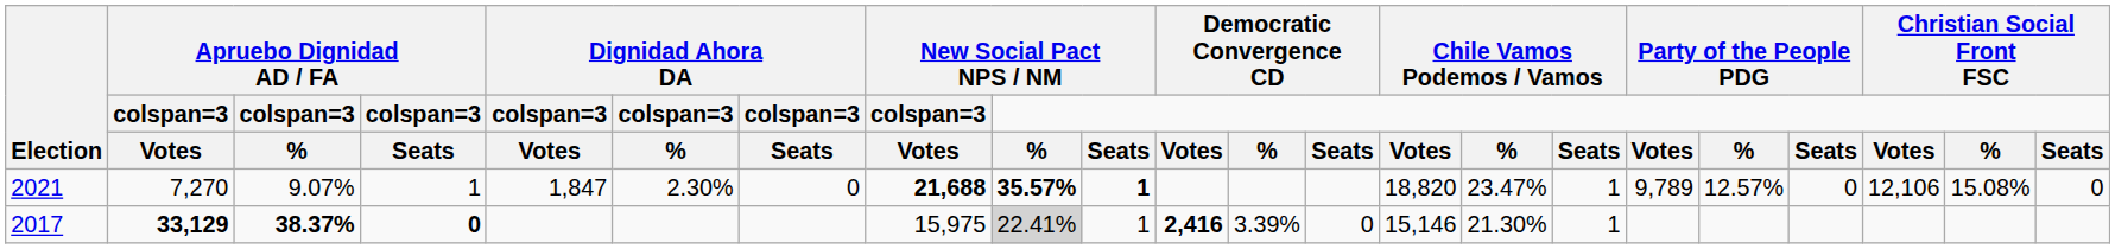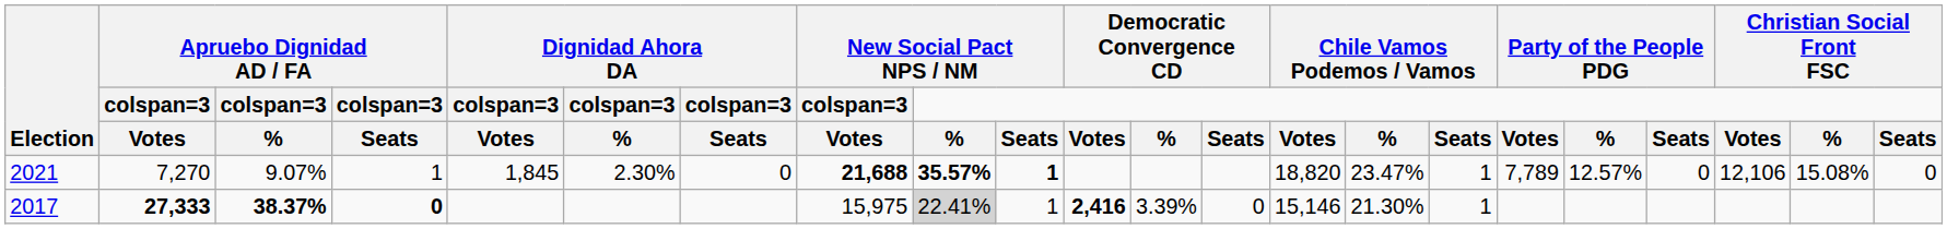 <table class="wikitable" border="1" style="font-size:95%; text-align:right;">
 <tr>
 <th style="text-align:left;" valign=bottom rowspan=3>Election</th>
 <th valign=bottom colspan=3><a href='#'>Apruebo Dignidad</a><br>AD / FA</th>
 <th valign=bottom colspan=3><a href='#'>Dignidad Ahora</a><br>DA</th>
 <th valign=bottom colspan=3><a href='#'>New Social Pact</a><br>NPS / NM</th>
 <th valign=bottom colspan=3>Democratic<br>Convergence<br>CD</th>
 <th valign=bottom colspan=3><a href='#'>Chile Vamos</a><br>Podemos / Vamos</th>
 <th valign=bottom colspan=3><a href='#'>Party of the People</a><br>PDG</th>
 <th valign=bottom colspan=3><a href='#'>Christian Social Front</a><br>FSC</th>
 </tr>
 <tr>
 <th>colspan=3 </th>
 <th>colspan=3 </th>
 <th>colspan=3 </th>
 <th>colspan=3 </th>
 <th>colspan=3 </th>
 <th>colspan=3 </th>
 <th>colspan=3 </th>
 </tr>
 <tr>
 <th>Votes</th>
 <th>%</th>
 <th>Seats</th>
 <th>Votes</th>
 <th>%</th>
 <th>Seats</th>
 <th>Votes</th>
 <th>%</th>
 <th>Seats</th>
 <th>Votes</th>
 <th>%</th>
 <th>Seats</th>
 <th>Votes</th>
 <th>%</th>
 <th>Seats</th>
 <th>Votes</th>
 <th>%</th>
 <th>Seats</th>
 <th>Votes</th>
 <th>%</th>
 <th>Seats</th>
 </tr>
 <tr>
 <td align=left><a href='#'>2021</a></td>
 <td>7,270</td>
 <td>9.07%</td>
 <td>1</td>
-<td>1,847</td>
+<td>1,845</td>
 <td>2.30%</td>
 <td>0</td>
 <td><strong>21,688</strong></td>
 <td><strong>35.57%</strong></td>
 <td><strong>1</strong></td>
 <td></td>
 <td></td>
 <td></td>
 <td>18,820</td>
 <td>23.47%</td>
 <td>1</td>
-<td>9,789</td>
+<td>7,789</td>
 <td>12.57%</td>
 <td>0</td>
 <td>12,106</td>
 <td>15.08%</td>
 <td>0</td>
 </tr>
 <tr>
 <td align=left><a href='#'>2017</a></td>
-<td><strong>33,129</strong></td>
+<td><strong>27,333</strong></td>
 <td><strong>38.37%</strong></td>
 <td><strong>0</strong></td>
 <td></td>
 <td></td>
 <td></td>
 <td>15,975</td>
 <td style="background: lightgrey;">22.41%</td>
 <td>1</td>
 <td><strong>2,416</strong></td>
 <td>3.39%</td>
 <td>0</td>
 <td>15,146</td>
 <td>21.30%</td>
 <td>1</td>
 <td></td>
 <td></td>
 <td></td>
 <td></td>
 <td></td>
 <td></td>
 </tr>
 </table>
